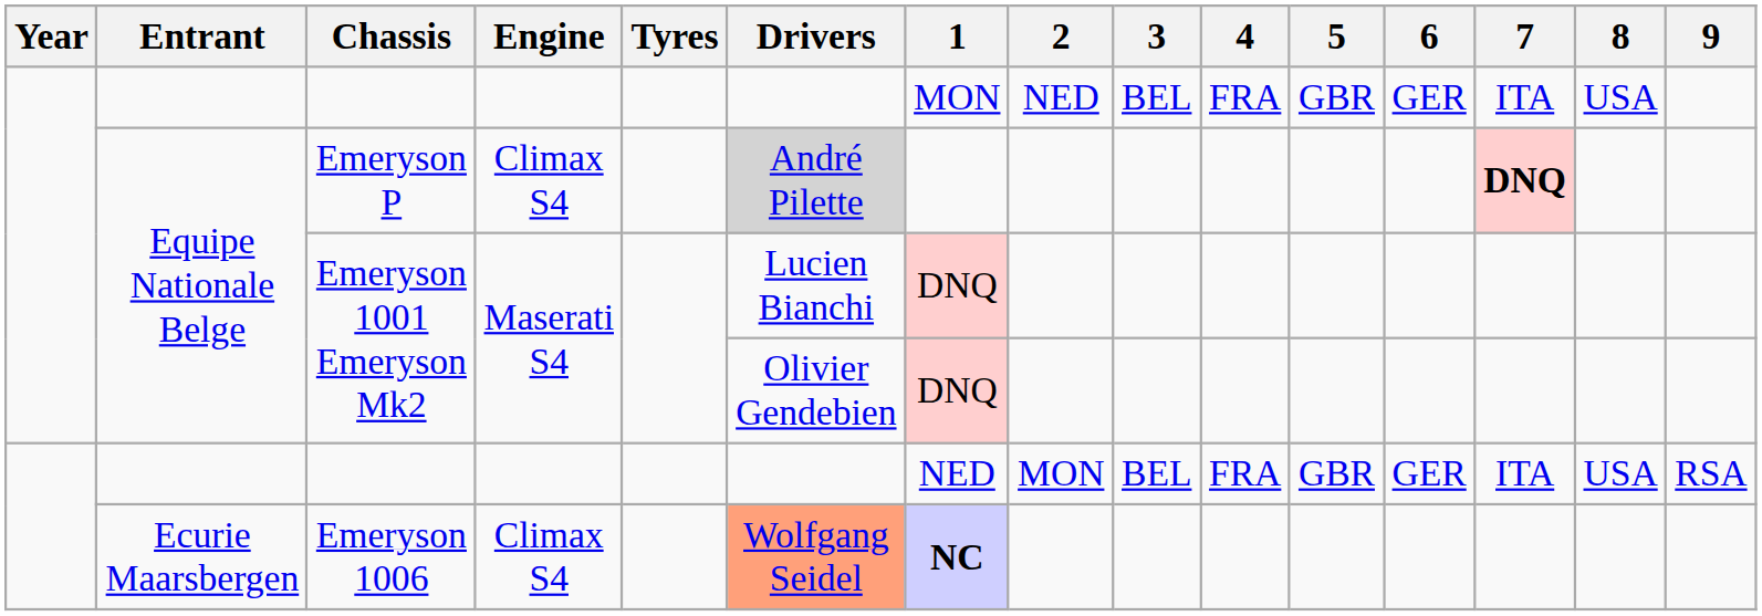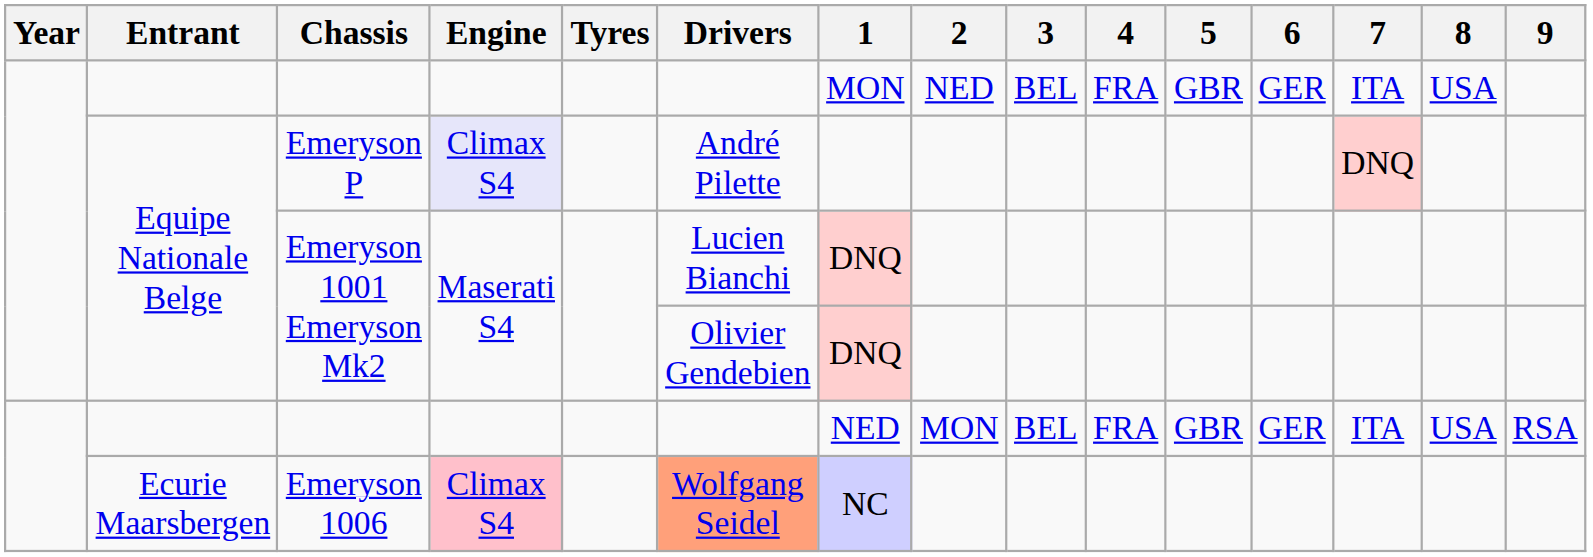 <table class="wikitable" style="text-align:center; font-size:95%">
 <tr>
 <th>Year</th>
 <th>Entrant</th>
 <th>Chassis</th>
 <th>Engine</th>
 <th>Tyres</th>
 <th>Drivers</th>
 <th>1</th>
 <th>2</th>
 <th>3</th>
 <th>4</th>
 <th>5</th>
 <th>6</th>
 <th>7</th>
 <th>8</th>
 <th>9</th>
 </tr>
 <tr>
 <td rowspan="4"></td>
 <td></td>
 <td></td>
 <td></td>
 <td></td>
 <td></td>
 <td><a href='#'>MON</a></td>
 <td><a href='#'>NED</a></td>
 <td><a href='#'>BEL</a></td>
 <td><a href='#'>FRA</a></td>
 <td><a href='#'>GBR</a></td>
 <td><a href='#'>GER</a></td>
 <td><a href='#'>ITA</a></td>
 <td><a href='#'>USA</a></td>
 <td></td>
 </tr>
 <tr>
 <td rowspan="3"><a href='#'>Equipe Nationale Belge</a></td>
 <td><a href='#'>Emeryson P</a></td>
-<td><a href='#'>Climax</a> <a href='#'>S4</a></td>
+<td style="background: lavender;"><a href='#'>Climax</a> <a href='#'>S4</a></td>
 <td></td>
-<td style="background: lightgrey;"><a href='#'>André Pilette</a></td>
+<td><a href='#'>André Pilette</a></td>
 <td></td>
 <td></td>
 <td></td>
 <td></td>
 <td></td>
 <td></td>
-<td style="background:#FFCFCF;"><strong>DNQ</strong></td>
+<td style="background:#FFCFCF;">DNQ</td>
 <td></td>
 <td></td>
 </tr>
 <tr>
 <td rowspan="2"><a href='#'>Emeryson 1001</a><br><a href='#'>Emeryson Mk2</a></td>
 <td rowspan="2"><a href='#'>Maserati</a> <a href='#'>S4</a></td>
 <td rowspan="2"></td>
 <td><a href='#'>Lucien Bianchi</a></td>
 <td style="background:#FFCFCF;">DNQ</td>
 <td></td>
 <td></td>
 <td></td>
 <td></td>
 <td></td>
 <td></td>
 <td></td>
 <td></td>
 </tr>
 <tr>
 <td><a href='#'>Olivier Gendebien</a></td>
 <td style="background:#FFCFCF;">DNQ</td>
 <td></td>
 <td></td>
 <td></td>
 <td></td>
 <td></td>
 <td></td>
 <td></td>
 <td></td>
 </tr>
 <tr>
 <td rowspan="2"></td>
 <td></td>
 <td></td>
 <td></td>
 <td></td>
 <td></td>
 <td><a href='#'>NED</a></td>
 <td><a href='#'>MON</a></td>
 <td><a href='#'>BEL</a></td>
 <td><a href='#'>FRA</a></td>
 <td><a href='#'>GBR</a></td>
 <td><a href='#'>GER</a></td>
 <td><a href='#'>ITA</a></td>
 <td><a href='#'>USA</a></td>
 <td><a href='#'>RSA</a></td>
 </tr>
 <tr>
 <td><a href='#'>Ecurie Maarsbergen</a></td>
 <td><a href='#'>Emeryson 1006</a></td>
-<td><a href='#'>Climax</a> <a href='#'>S4</a></td>
+<td style="background: pink;"><a href='#'>Climax</a> <a href='#'>S4</a></td>
 <td></td>
 <td style="background: lightsalmon;"><a href='#'>Wolfgang Seidel</a></td>
-<td style="background:#CFCFFF;"><strong>NC</strong></td>
+<td style="background:#CFCFFF;">NC</td>
 <td></td>
 <td></td>
 <td></td>
 <td></td>
 <td></td>
 <td></td>
 <td></td>
 <td></td>
 </tr>
 </table>
